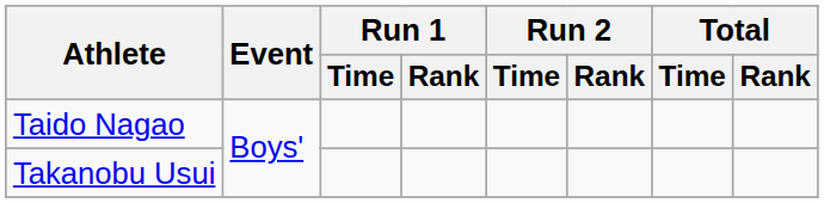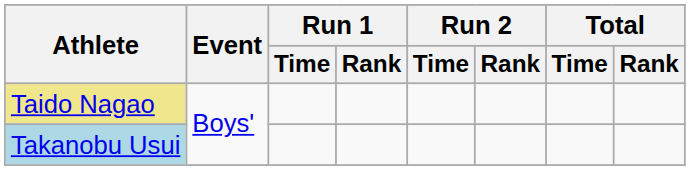 <table class="wikitable" style="font-size:90%">
 <tr>
 <th rowspan="2">Athlete</th>
 <th rowspan="2">Event</th>
 <th colspan="2">Run 1</th>
 <th colspan="2">Run 2</th>
 <th colspan="2">Total</th>
 </tr>
 <tr style="font-size:95%">
 <th>Time</th>
 <th>Rank</th>
 <th>Time</th>
 <th>Rank</th>
 <th>Time</th>
 <th>Rank</th>
 </tr>
 <tr align=center>
-<td align=left><a href='#'>Taido Nagao</a></td>
+<td align=left style="background: khaki;"><a href='#'>Taido Nagao</a></td>
 <td align=left rowspan=2><a href='#'>Boys'</a></td>
 <td></td>
 <td></td>
 <td></td>
 <td></td>
 <td></td>
 <td></td>
 </tr>
 <tr align=center>
-<td align=left><a href='#'>Takanobu Usui</a></td>
+<td align=left style="background: lightblue;"><a href='#'>Takanobu Usui</a></td>
 <td></td>
 <td></td>
 <td></td>
 <td></td>
 <td></td>
 <td></td>
 </tr>
 </table>
